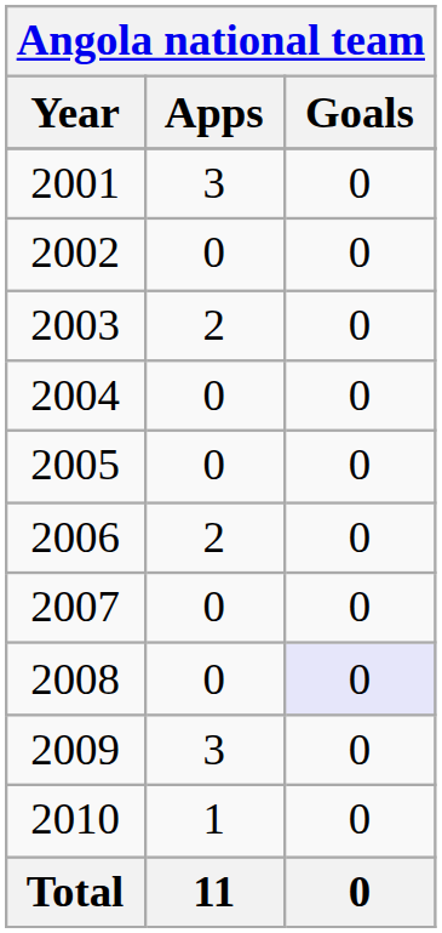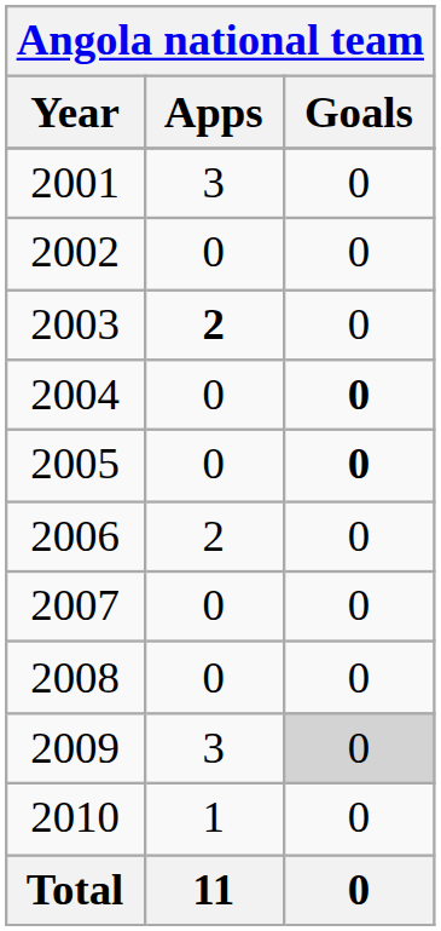 <table class="wikitable" style="text-align:center">
 <tr>
 <th colspan=3><a href='#'>Angola national team</a></th>
 </tr>
 <tr>
 <th>Year</th>
 <th>Apps</th>
 <th>Goals</th>
 </tr>
 <tr>
 </tr>
 <tr>
 <td>2001</td>
 <td>3</td>
 <td>0</td>
 </tr>
 <tr>
 <td>2002</td>
 <td>0</td>
 <td>0</td>
 </tr>
 <tr>
 <td>2003</td>
-<td>2</td>
+<td><strong>2</strong></td>
 <td>0</td>
 </tr>
 <tr>
 <td>2004</td>
 <td>0</td>
-<td>0</td>
+<td><strong>0</strong></td>
 </tr>
 <tr>
 <td>2005</td>
 <td>0</td>
-<td>0</td>
+<td><strong>0</strong></td>
 </tr>
 <tr>
 <td>2006</td>
 <td>2</td>
 <td>0</td>
 </tr>
 <tr>
 <td>2007</td>
 <td>0</td>
 <td>0</td>
 </tr>
 <tr>
 <td>2008</td>
 <td>0</td>
-<td style="background: lavender;">0</td>
+<td>0</td>
 </tr>
 <tr>
 <td>2009</td>
 <td>3</td>
-<td>0</td>
+<td style="background: lightgrey;">0</td>
 </tr>
 <tr>
 <td>2010</td>
 <td>1</td>
 <td>0</td>
 </tr>
 <tr>
 <th>Total</th>
 <th>11</th>
 <th>0</th>
 </tr>
 </table>
